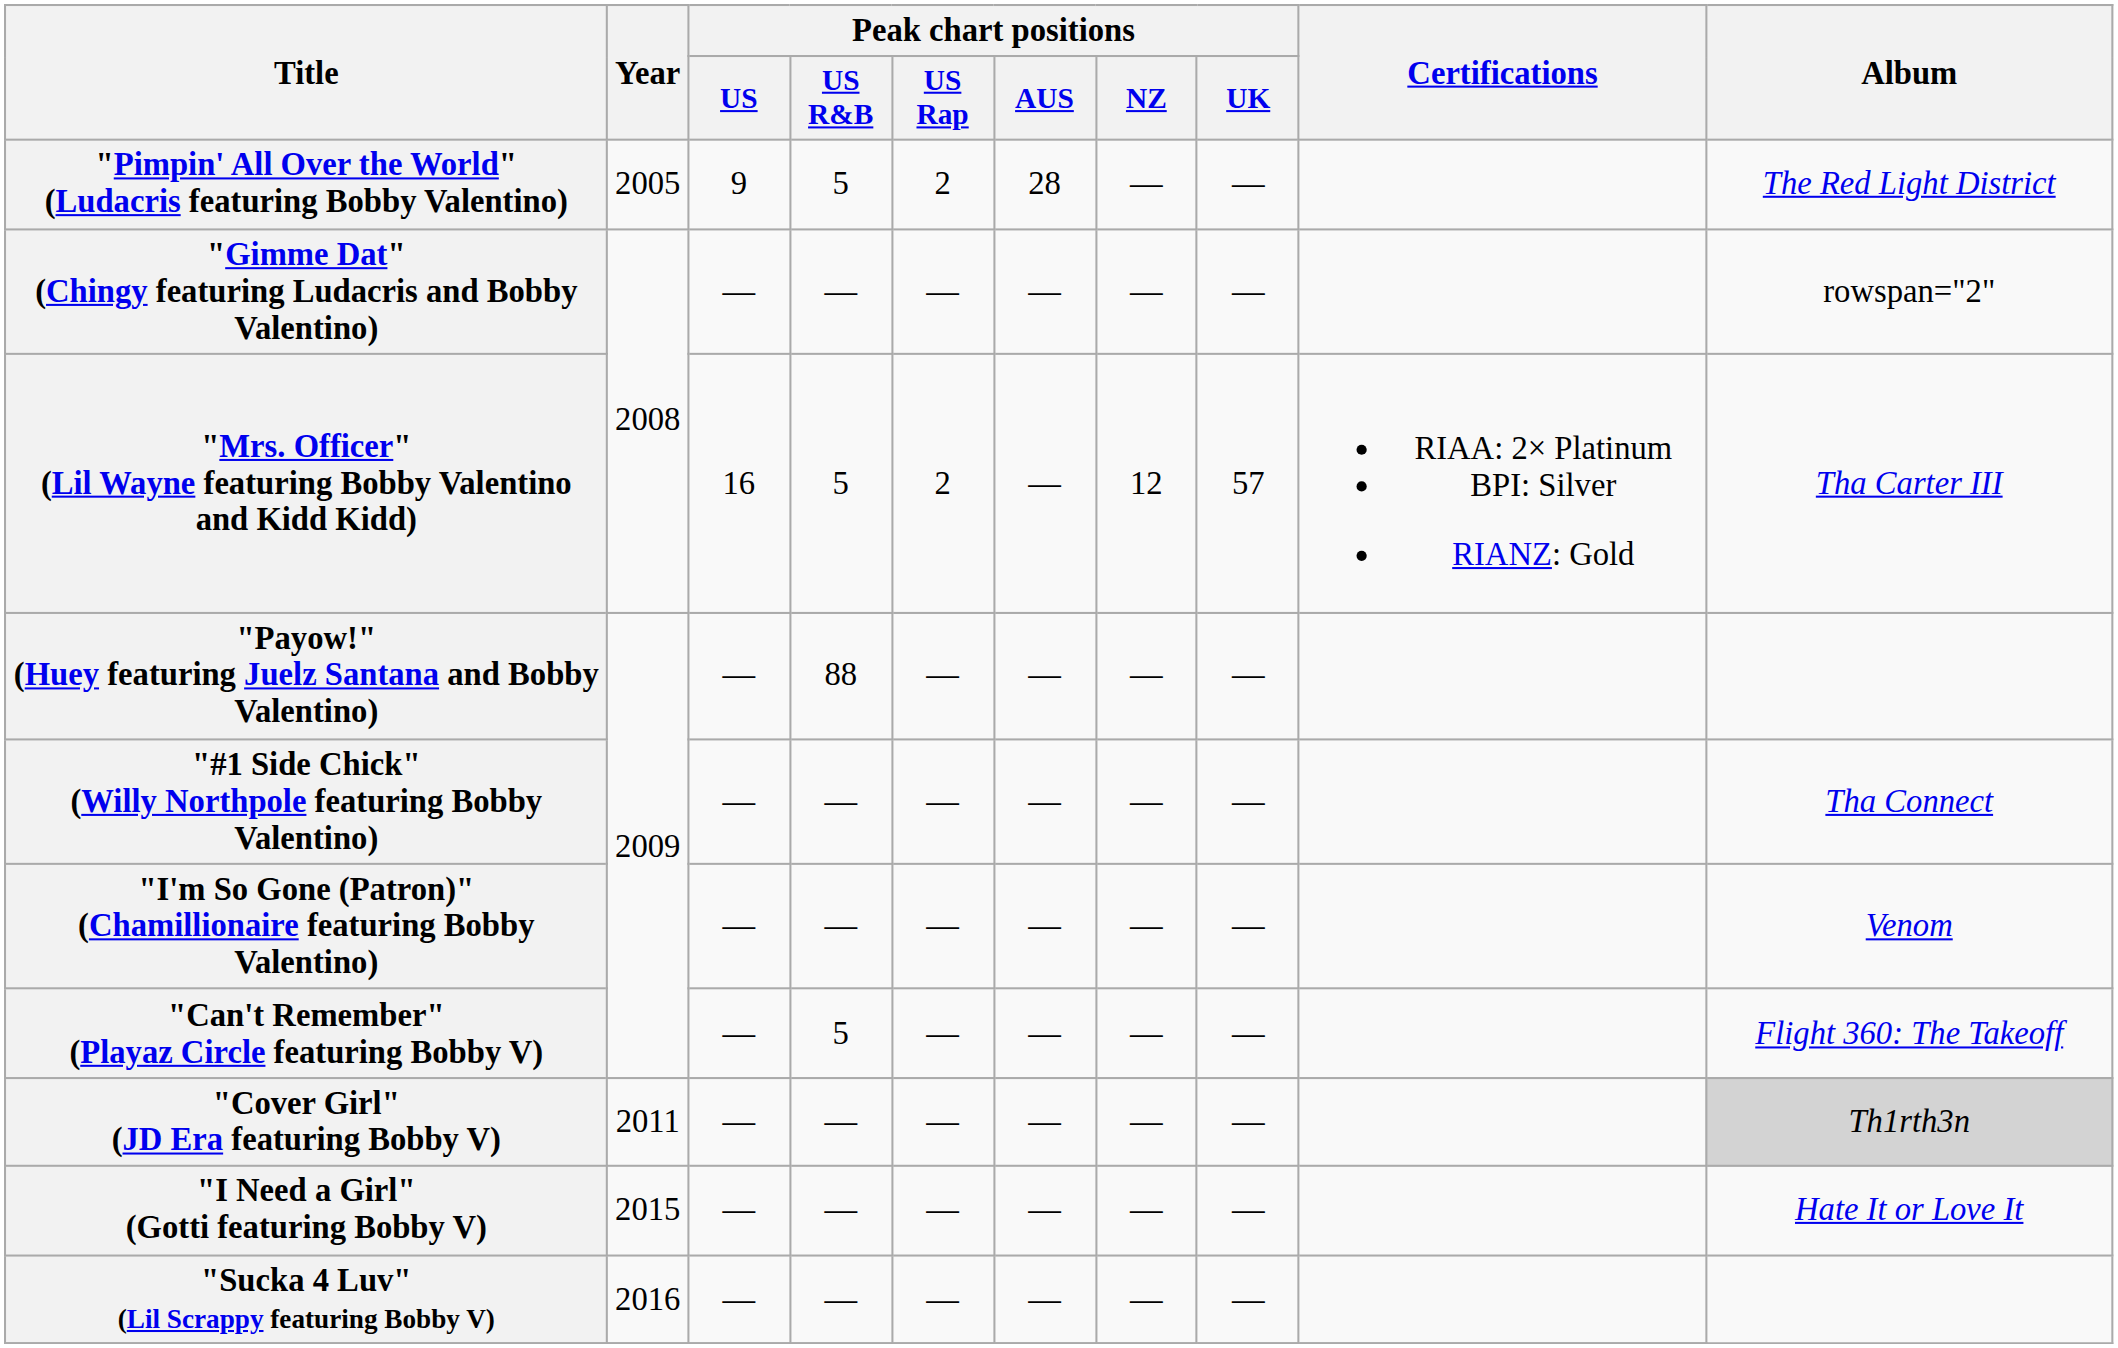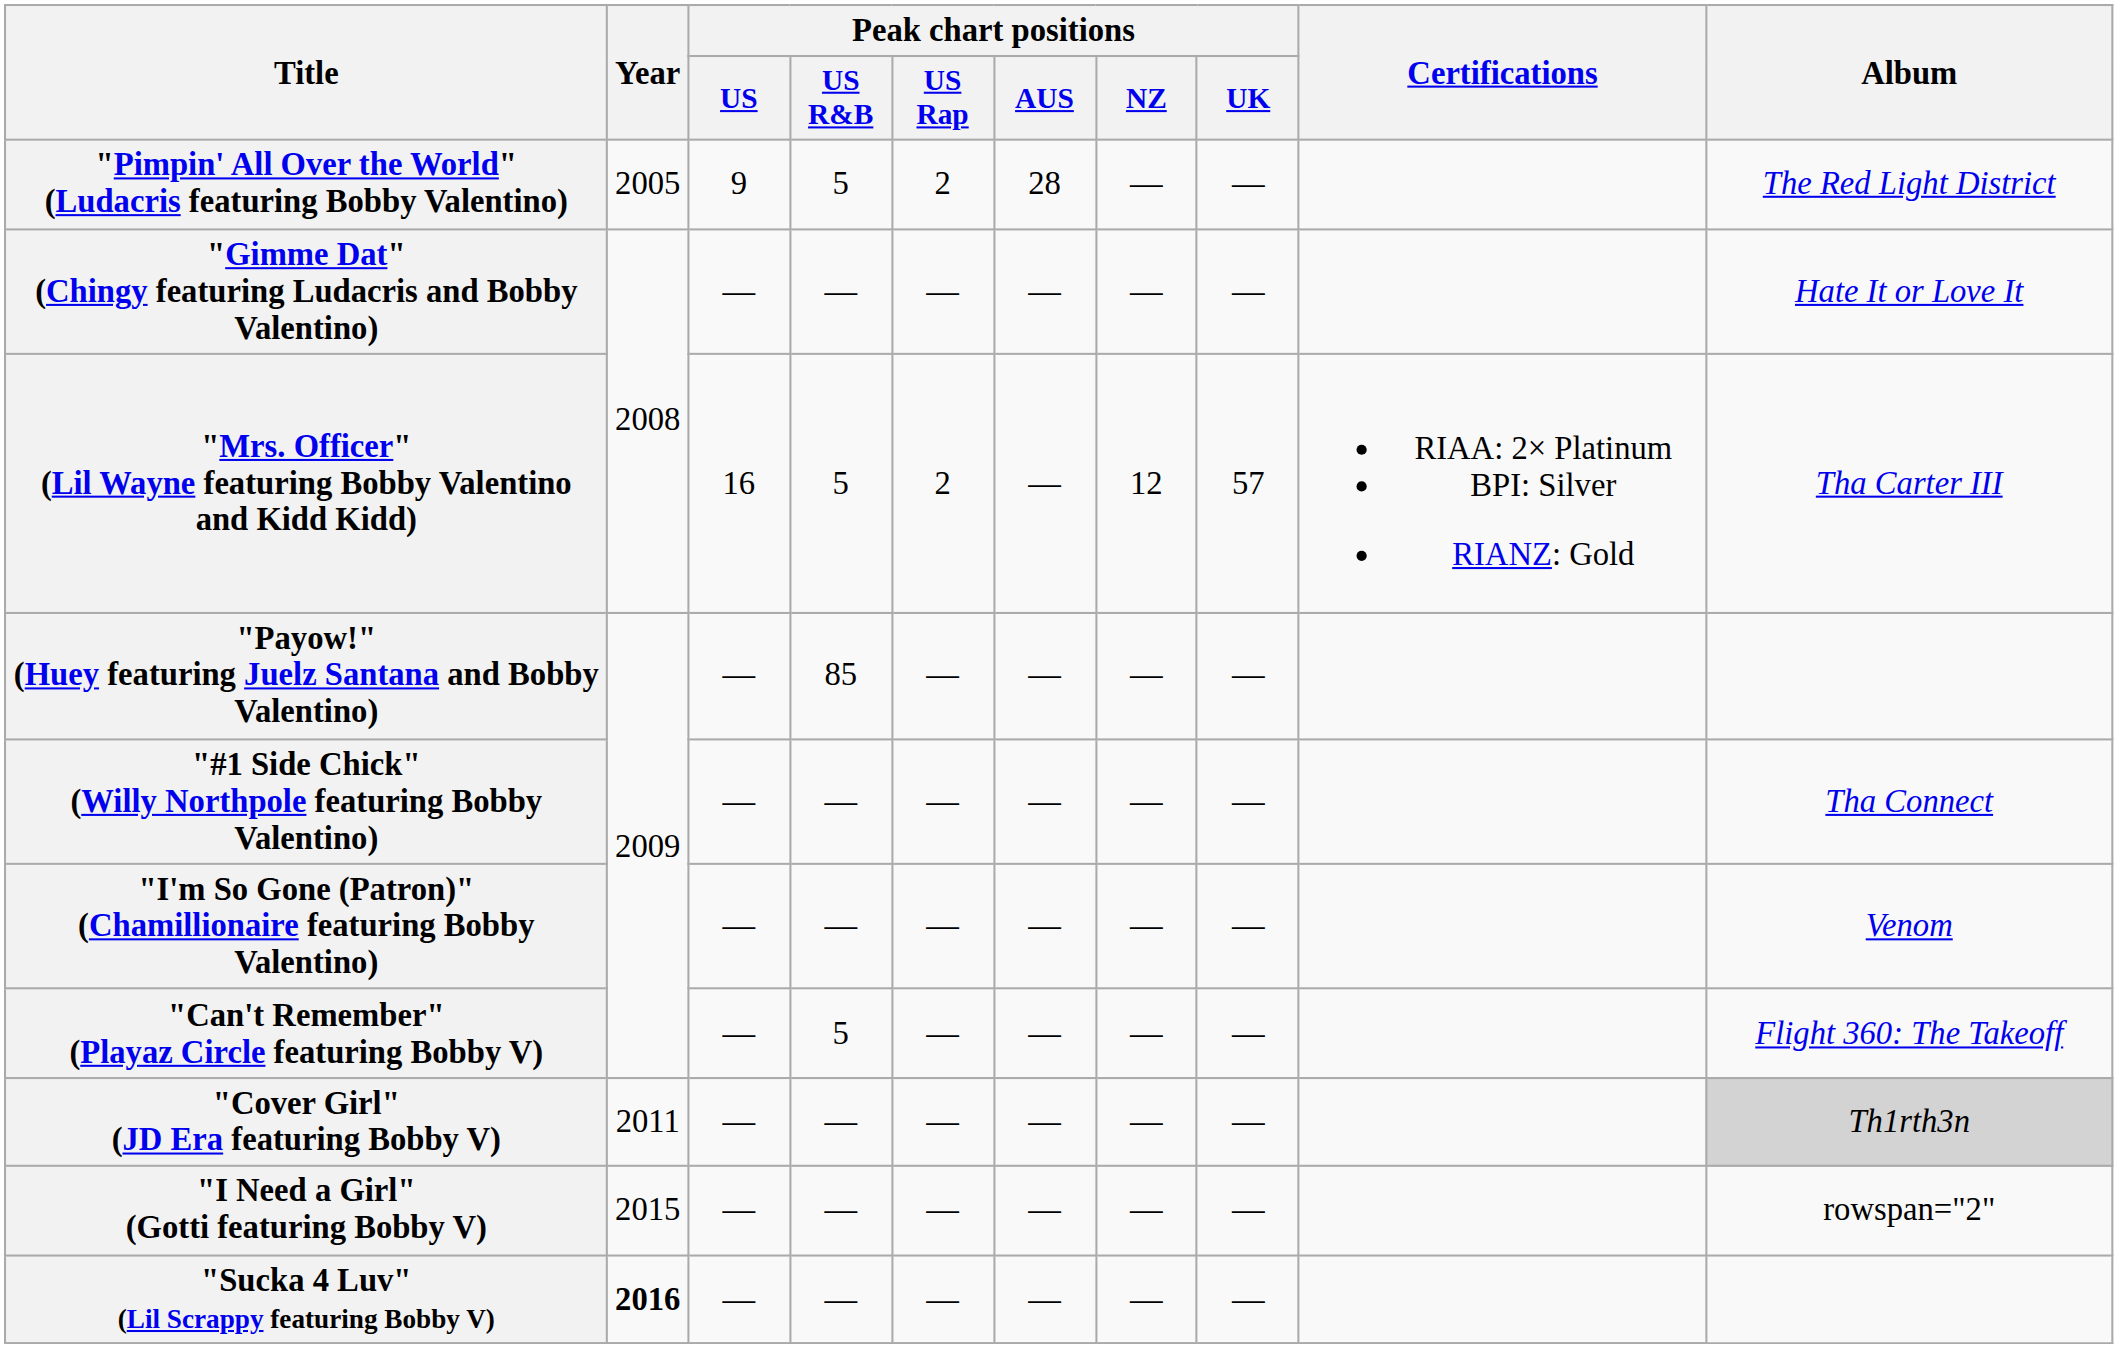 <table class="wikitable plainrowheaders" style="text-align:center;">
 <tr>
 <th scope="col" rowspan="2" style="width:18em;">Title</th>
 <th scope="col" rowspan="2">Year</th>
 <th scope="col" colspan="6">Peak chart positions</th>
 <th scope="col" rowspan="2" style="width:12em;"><a href='#'>Certifications</a></th>
 <th scope="col" rowspan="2" style="width:12em;">Album</th>
 </tr>
 <tr>
 <th scope="col" style="width:3em;font-size:90%;"><a href='#'>US</a></th>
 <th scope="col" style="width:3em;font-size:90%;"><a href='#'>US<br>R&B</a></th>
 <th scope="col" style="width:3em;font-size:90%;"><a href='#'>US<br>Rap</a></th>
 <th scope="col" style="width:3em;font-size:90%;"><a href='#'>AUS</a></th>
 <th scope="col" style="width:3em;font-size:90%;"><a href='#'>NZ</a></th>
 <th scope="col" style="width:3em;font-size:90%;"><a href='#'>UK</a></th>
 </tr>
 <tr>
 <th scope="row">"<a href='#'>Pimpin' All Over the World</a>"<br><span>(<a href='#'>Ludacris</a> featuring Bobby Valentino)</span></th>
 <td>2005</td>
 <td>9</td>
 <td>5</td>
 <td>2</td>
 <td>28</td>
 <td>—</td>
 <td>—</td>
 <td></td>
 <td><em><a href='#'>The Red Light District</a></em></td>
 </tr>
 <tr>
 <th scope="row">"<a href='#'>Gimme Dat</a>"<br><span>(<a href='#'>Chingy</a> featuring Ludacris and Bobby Valentino)</span></th>
 <td rowspan="2">2008</td>
 <td>—</td>
 <td>—</td>
 <td>—</td>
 <td>—</td>
 <td>—</td>
 <td>—</td>
 <td></td>
-<td>rowspan="2" </td>
+<td><em><a href='#'>Hate It or Love It</a></em></td>
 </tr>
 <tr>
 <th scope="row">"<a href='#'>Mrs. Officer</a>"<br><span>(<a href='#'>Lil Wayne</a> featuring Bobby Valentino and Kidd Kidd)</span></th>
 <td>16</td>
 <td>5</td>
 <td>2</td>
 <td>—</td>
 <td>12</td>
 <td>57</td>
 <td><br><ul><li>RIAA: 2× Platinum</li><li>BPI: Silver</li></ul><ul><li><a href='#'>RIANZ</a>: Gold</li></ul></td>
 <td><em><a href='#'>Tha Carter III</a></em></td>
 </tr>
 <tr>
 <th scope="row">"Payow!"<br><span>(<a href='#'>Huey</a> featuring <a href='#'>Juelz Santana</a> and Bobby Valentino)</span></th>
 <td rowspan="4">2009</td>
 <td>—</td>
-<td>88</td>
+<td>85</td>
 <td>—</td>
 <td>—</td>
 <td>—</td>
 <td>—</td>
 <td></td>
 <td></td>
 </tr>
 <tr>
 <th scope="row">"#1 Side Chick"<br><span>(<a href='#'>Willy Northpole</a> featuring Bobby Valentino)</span></th>
 <td>—</td>
 <td>—</td>
 <td>—</td>
 <td>—</td>
 <td>—</td>
 <td>—</td>
 <td></td>
 <td><em><a href='#'>Tha Connect</a></em></td>
 </tr>
 <tr>
 <th scope="row">"I'm So Gone (Patron)"<br><span>(<a href='#'>Chamillionaire</a> featuring Bobby Valentino)</span></th>
 <td>—</td>
 <td>—</td>
 <td>—</td>
 <td>—</td>
 <td>—</td>
 <td>—</td>
 <td></td>
 <td><em><a href='#'>Venom</a></em></td>
 </tr>
 <tr>
 <th scope="row">"Can't Remember"<br><span>(<a href='#'>Playaz Circle</a> featuring Bobby V)</span></th>
 <td>—</td>
 <td>5</td>
 <td>—</td>
 <td>—</td>
 <td>—</td>
 <td>—</td>
 <td></td>
 <td><em><a href='#'>Flight 360: The Takeoff</a></em></td>
 </tr>
 <tr>
 <th scope="row">"Cover Girl"<br><span>(<a href='#'>JD Era</a> featuring Bobby V)</span></th>
 <td>2011</td>
 <td>—</td>
 <td>—</td>
 <td>—</td>
 <td>—</td>
 <td>—</td>
 <td>—</td>
 <td></td>
 <td style="background: lightgrey;"><em>Th1rth3n</em></td>
 </tr>
 <tr>
 <th scope="row">"I Need a Girl"<br><span>(Gotti featuring Bobby V)</span></th>
 <td>2015</td>
 <td>—</td>
 <td>—</td>
 <td>—</td>
 <td>—</td>
 <td>—</td>
 <td>—</td>
 <td></td>
-<td><em><a href='#'>Hate It or Love It</a></em></td>
+<td>rowspan="2" </td>
 </tr>
 <tr>
 <th scope="row">"Sucka 4 Luv"<br><small>(<a href='#'>Lil Scrappy</a> featuring Bobby V)</small></th>
-<td>2016</td>
+<td><strong>2016</strong></td>
 <td>—</td>
 <td>—</td>
 <td>—</td>
 <td>—</td>
 <td>—</td>
 <td>—</td>
 <td></td>
 </tr>
 <tr>
 </tr>
 </table>
